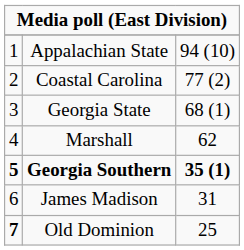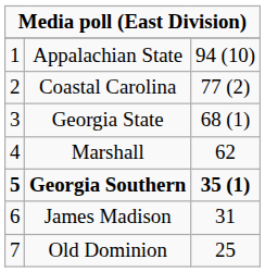 <table class="wikitable" style="display: inline-table;">
 <tr>
 <td align="center" Colspan="3"><strong>Media poll (East Division)</strong></td>
 </tr>
 <tr align="center">
 </tr>
 <tr align="center">
 <td>1</td>
 <td>Appalachian State</td>
 <td>94 (10)</td>
 </tr>
 <tr align="center">
 <td>2</td>
 <td>Coastal Carolina</td>
 <td>77 (2)</td>
 </tr>
 <tr align="center">
 <td>3</td>
 <td>Georgia State</td>
 <td>68 (1)</td>
 </tr>
 <tr align="center">
 <td>4</td>
 <td>Marshall</td>
 <td>62</td>
 </tr>
 <tr align="center">
 <td><strong>5</strong></td>
 <td><strong>Georgia Southern</strong></td>
 <td><strong>35 (1)</strong></td>
 </tr>
 <tr align="center">
 <td>6</td>
 <td>James Madison</td>
 <td>31</td>
 </tr>
 <tr align="center">
-<td><strong>7</strong></td>
+<td>7</td>
 <td>Old Dominion</td>
 <td>25</td>
 </tr>
 </table>
